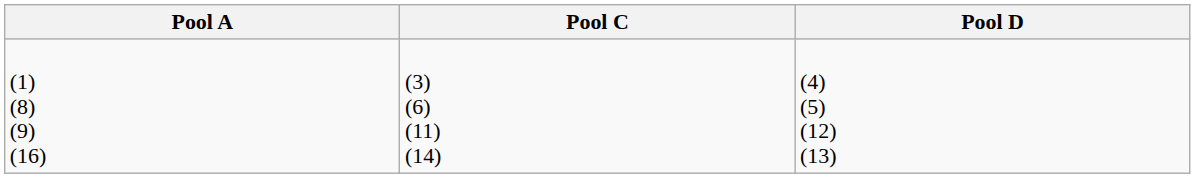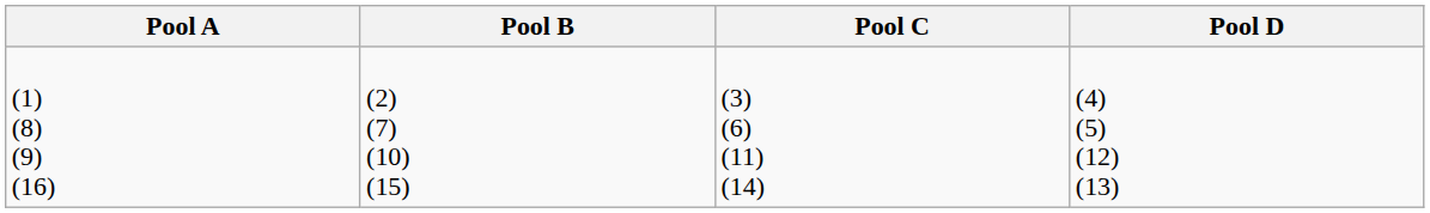 <table class="wikitable" width=98%>
 <tr>
 <th width=25%><strong>Pool A</strong></th>
+<th width=25%><strong>Pool B</strong></th>
 <th width=25%><strong>Pool C</strong></th>
 <th width=25%><strong>Pool D</strong></th>
 </tr>
 <tr>
 <td><br> (1) <br>  (8) <br>  (9) <br>  (16)</td>
+<td><br> (2) <br>  (7)<br>   (10)<br>   (15)</td>
 <td><br> (3) <br>   (6) <br>   (11) <br>   (14)</td>
 <td><br> (4) <br>  (5) <br>  (12) <br>  (13)</td>
 </tr>
 </table>
